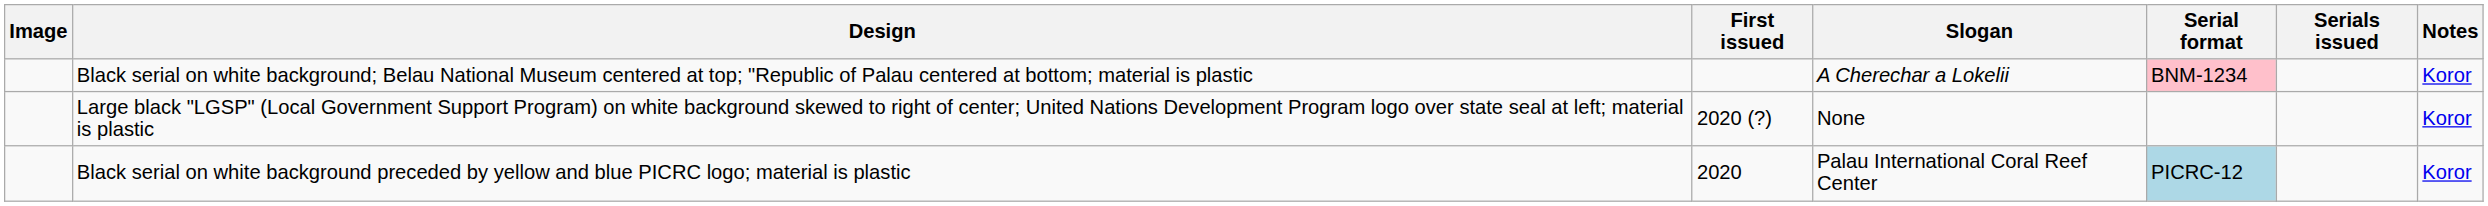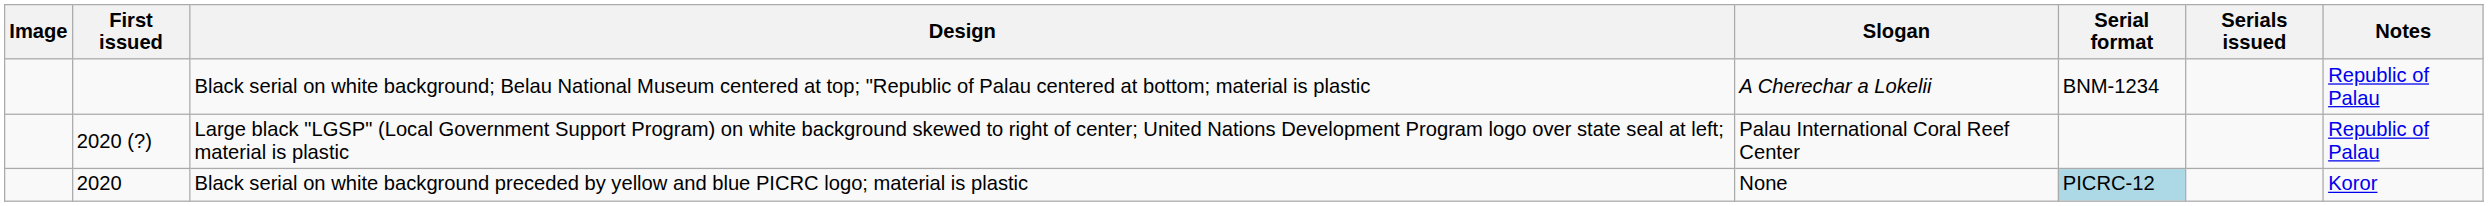 <table class="wikitable sortable">
 <tr>
 <th>Image</th>
+<th>First issued</th>
 <th>Design</th>
-<th>First issued</th>
 <th>Slogan</th>
 <th>Serial format</th>
 <th>Serials issued</th>
 <th>Notes</th>
 </tr>
 <tr>
 <td></td>
+<td></td>
 <td>Black serial on white background; Belau National Museum centered at top; "Republic of Palau centered at bottom; material is plastic</td>
+<td><em>A Cherechar a Lokelii</em></td>
+<td>BNM-1234</td>
 <td></td>
-<td><em>A Cherechar a Lokelii</em></td>
-<td style="background: pink;">BNM-1234</td>
-<td></td>
-<td><a href='#'>Koror</a></td>
+<td><a href='#'>Republic of Palau</a></td>
 </tr>
 <tr>
 <td></td>
+<td>2020 (?)</td>
 <td>Large black "LGSP" (Local Government Support Program) on white background skewed to right of center; United Nations Development Program logo over state seal at left; material is plastic</td>
-<td>2020 (?)</td>
-<td>None</td>
+<td>Palau International Coral Reef Center</td>
 <td></td>
 <td></td>
-<td><a href='#'>Koror</a></td>
+<td><a href='#'>Republic of Palau</a></td>
 </tr>
 <tr>
 <td></td>
+<td>2020</td>
 <td>Black serial on white background preceded by yellow and blue PICRC logo; material is plastic</td>
-<td>2020</td>
-<td>Palau International Coral Reef Center</td>
+<td>None</td>
 <td style="background: lightblue;">PICRC-12</td>
 <td></td>
 <td><a href='#'>Koror</a></td>
 </tr>
 </table>
